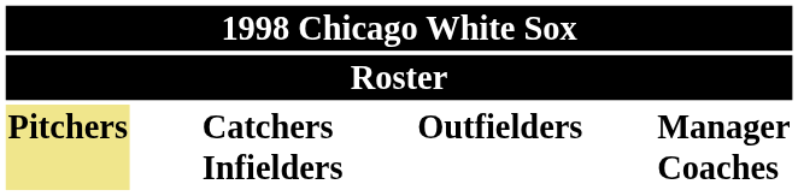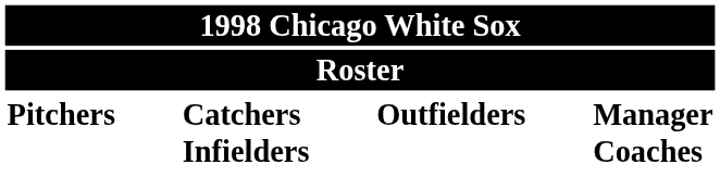 <table class="toccolours" style="font-size: 95%;">
 <tr>
 <th colspan="10" style="background-color: black; color: #FFFFFF; text-align: center;">1998 Chicago White Sox</th>
 </tr>
 <tr>
 <td colspan="10" style="background-color:black; color: white; text-align: center;"><strong>Roster</strong></td>
 </tr>
 <tr>
-<td valign="top" style="background: khaki;"><strong>Pitchers</strong><br>                   </td>
+<td valign="top"><strong>Pitchers</strong><br>                   </td>
 <td width="25px"></td>
 <td valign="top"><strong>Catchers</strong><br>    <strong>Infielders</strong>        </td>
 <td width="25px"></td>
 <td valign="top"><strong>Outfielders</strong><br>      </td>
 <td width="25px"></td>
 <td valign="top"><strong>Manager</strong><br> <strong>Coaches</strong>          </td>
 </tr>
 </table>
